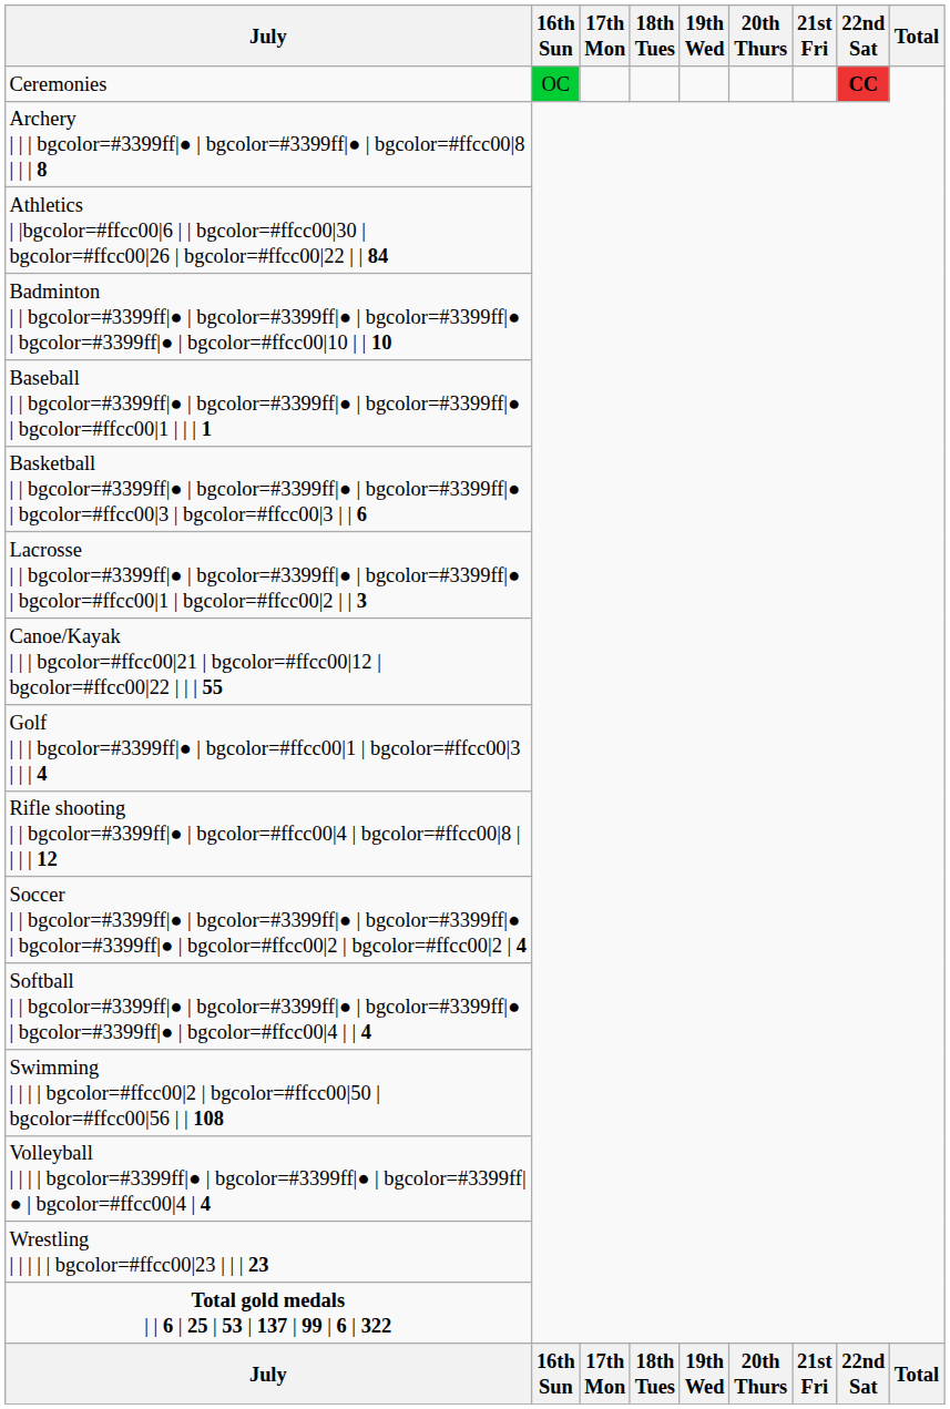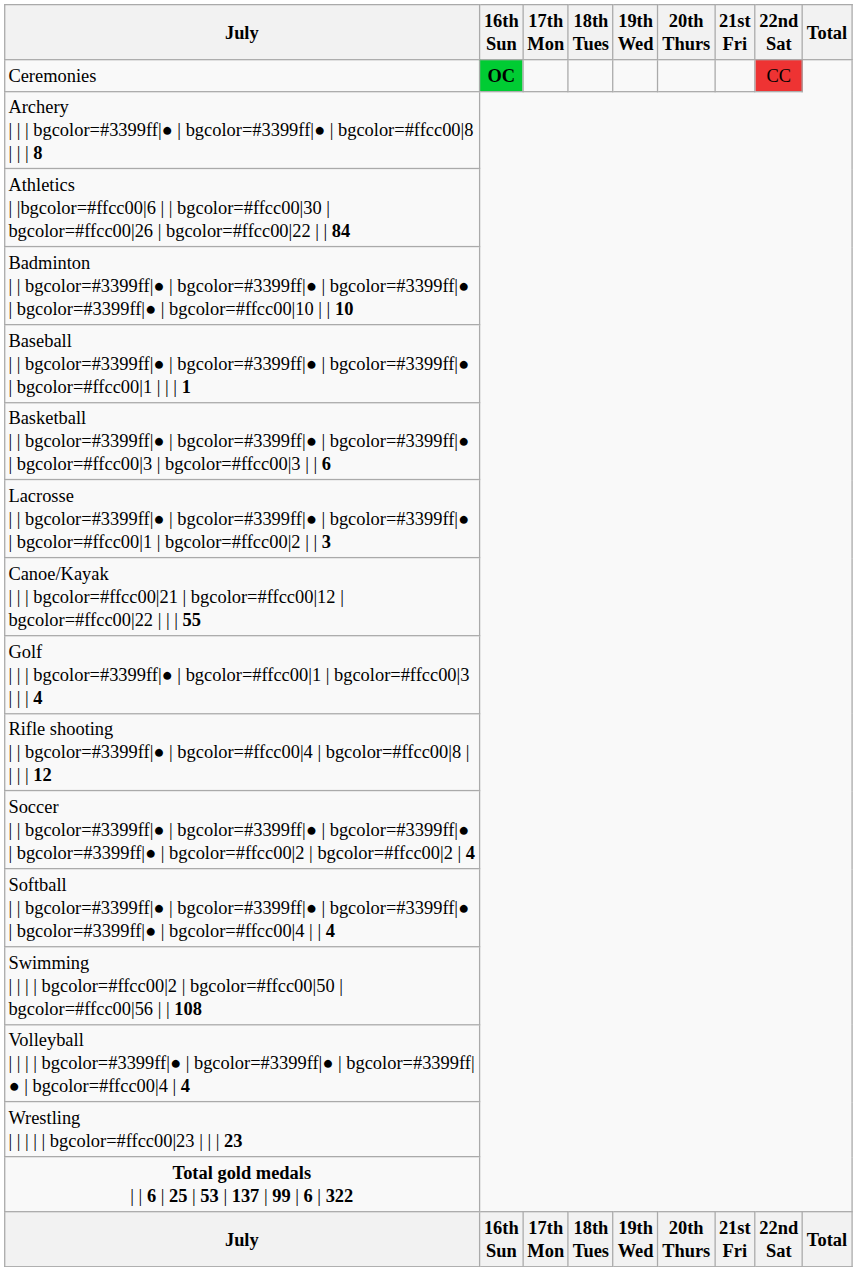 <table class="wikitable" style="margin:0.5em auto; font-size:90%; line-height:1.25em;" width=75%>
 <tr>
 <th colspan=2>July</th>
 <th>16th<br>Sun</th>
 <th>17th<br>Mon</th>
 <th>18th<br>Tues</th>
 <th>19th<br>Wed</th>
 <th>20th<br>Thurs</th>
 <th>21st<br>Fri</th>
 <th>22nd <br> Sat</th>
 <th>Total</th>
 </tr>
 <tr>
 <td colspan=2>Ceremonies</td>
-<td bgcolor=#00cc33 align=center>OC</td>
+<td bgcolor=#00cc33 align=center><strong>OC</strong></td>
 <td></td>
 <td></td>
 <td></td>
 <td></td>
 <td></td>
-<td bgcolor=#ee3333 align=center><strong>CC</strong></td>
+<td bgcolor=#ee3333 align=center>CC</td>
 </tr>
 <tr align="center">
 <td colspan=2 align="left"> Archery<br>|  |   | bgcolor=#3399ff|● | bgcolor=#3399ff|● | bgcolor=#ffcc00|8 |  |  | <strong>8</strong></td>
 </tr>
 <tr align="center">
 <td colspan=2 align="left"> Athletics<br>|  |bgcolor=#ffcc00|6   |  | bgcolor=#ffcc00|30 | bgcolor=#ffcc00|26 | bgcolor=#ffcc00|22 |  | <strong>84</strong></td>
 </tr>
 <tr align="center">
 <td colspan=2 align="left"> Badminton<br>|  | bgcolor=#3399ff|● | bgcolor=#3399ff|● | bgcolor=#3399ff|● | bgcolor=#3399ff|● | bgcolor=#ffcc00|10 |  | <strong>10</strong></td>
 </tr>
 <tr align="center">
 <td colspan=2 align="left"> Baseball<br>|  | bgcolor=#3399ff|● | bgcolor=#3399ff|● | bgcolor=#3399ff|● | bgcolor=#ffcc00|1  |   |  | <strong>1</strong></td>
 </tr>
 <tr align="center">
 <td colspan=2 align="left"> Basketball<br>|  | bgcolor=#3399ff|● | bgcolor=#3399ff|● | bgcolor=#3399ff|● | bgcolor=#ffcc00|3  | bgcolor=#ffcc00|3 |  | <strong>6</strong></td>
 </tr>
 <tr align="center">
 <td colspan=2 align="left"> Lacrosse<br>|  | bgcolor=#3399ff|● | bgcolor=#3399ff|● | bgcolor=#3399ff|● | bgcolor=#ffcc00|1 | bgcolor=#ffcc00|2  |  | <strong>3</strong></td>
 </tr>
 <tr align="center">
 <td colspan=2 align="left"> Canoe/Kayak<br>|  |  | bgcolor=#ffcc00|21 | bgcolor=#ffcc00|12 | bgcolor=#ffcc00|22 |  |  | <strong>55</strong></td>
 </tr>
 <tr align="center">
 <td colspan=2 align="left"> Golf<br>|  |  | bgcolor=#3399ff|● | bgcolor=#ffcc00|1 | bgcolor=#ffcc00|3 |  |  | <strong>4</strong></td>
 </tr>
 <tr align="center">
 <td colspan=2 align="left"> Rifle shooting<br>|  | bgcolor=#3399ff|● | bgcolor=#ffcc00|4 | bgcolor=#ffcc00|8 |   |  |  | <strong>12</strong></td>
 </tr>
 <tr align="center">
 <td colspan=2 align="left"> Soccer<br>|  | bgcolor=#3399ff|● | bgcolor=#3399ff|● | bgcolor=#3399ff|● | bgcolor=#3399ff|● | bgcolor=#ffcc00|2 | bgcolor=#ffcc00|2 | <strong>4</strong></td>
 </tr>
 <tr align="center">
 <td colspan=2 align="left"> Softball<br>|  | bgcolor=#3399ff|● | bgcolor=#3399ff|● | bgcolor=#3399ff|● | bgcolor=#3399ff|● | bgcolor=#ffcc00|4 |  | <strong>4</strong></td>
 </tr>
 <tr align="center">
 <td colspan=2 align="left"> Swimming<br>|  |   |   | bgcolor=#ffcc00|2  | bgcolor=#ffcc00|50 | bgcolor=#ffcc00|56 |   | <strong>108</strong></td>
 </tr>
 <tr align="center">
 <td colspan=2 align="left"> Volleyball<br>|  |   |   | bgcolor=#3399ff|●  | bgcolor=#3399ff|● | bgcolor=#3399ff|● | bgcolor=#ffcc00|4 | <strong>4</strong></td>
 </tr>
 <tr align="center">
 <td colspan=2 align="left"> Wrestling<br>|  |   |   |   | bgcolor=#ffcc00|23 |  |  | <strong>23</strong></td>
 </tr>
 <tr align="center">
 <td colspan=2><strong>Total gold medals</strong><br>|  | <strong>6</strong> | <strong>25</strong> | <strong>53</strong> | <strong>137</strong> | <strong>99</strong> | <strong>6</strong> | <strong>322</strong></td>
 </tr>
 <tr>
 <th colspan=2>July</th>
 <th>16th<br>Sun</th>
 <th>17th<br>Mon</th>
 <th>18th<br>Tues</th>
 <th>19th<br>Wed</th>
 <th>20th<br>Thurs</th>
 <th>21st<br>Fri</th>
 <th>22nd <br> Sat</th>
 <th>Total</th>
 </tr>
 </table>
